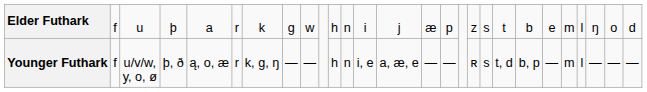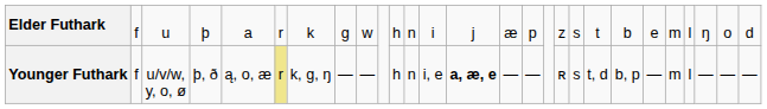 <table class="wikitable" style="text-align:center">
 <tr>
 <th style="text-align:left">Elder Futhark</th>
 <td><br>f</td>
 <td><br>u</td>
 <td><br>þ</td>
 <td><br>a</td>
 <td><br>r</td>
 <td><br>k</td>
 <td><br>g</td>
 <td><br>w</td>
 <td rowspan="2" style="width: 0.25em;"></td>
 <td><br>h</td>
 <td><br>n</td>
 <td><br>i</td>
 <td><br>j</td>
 <td><br>æ</td>
 <td><br>p</td>
 <td rowspan="2" style="width: 0.25em;"></td>
 <td><br>z</td>
 <td><br>s</td>
 <td><br>t</td>
 <td><br>b</td>
 <td><br>e</td>
 <td><br>m</td>
 <td><br>l</td>
 <td><br>ŋ</td>
 <td><br>o</td>
 <td><br>d</td>
 </tr>
 <tr style="vertical-align: top;">
 <th style="text-align: left; vertical-align: middle;">Younger Futhark</th>
 <td><br>f</td>
 <td><br><div>u/v/w,<br>y, o, ø</div></td>
 <td><br>þ, ð</td>
 <td><br>ą, o, æ</td>
-<td><br>r</td>
+<td style="background: khaki;"><br>r</td>
 <td><br>k, g, ŋ</td>
 <td style="vertical-align: middle;">—</td>
 <td style="vertical-align: middle;">—</td>
 <td><br>h</td>
 <td><br>n</td>
 <td><br>i, e</td>
-<td><br>a, æ, e</td>
+<td><strong><br>a, æ, e</strong></td>
 <td style="vertical-align: middle;">—</td>
 <td style="vertical-align: middle;">—</td>
 <td><br>ʀ</td>
 <td><br>s</td>
 <td><br>t, d</td>
 <td><br>b, p</td>
 <td style="vertical-align: middle;">—</td>
 <td><br>m</td>
 <td><br>l</td>
 <td style="vertical-align: middle;">—</td>
 <td style="vertical-align: middle;">—</td>
 <td style="vertical-align: middle;">—</td>
 </tr>
 </table>
